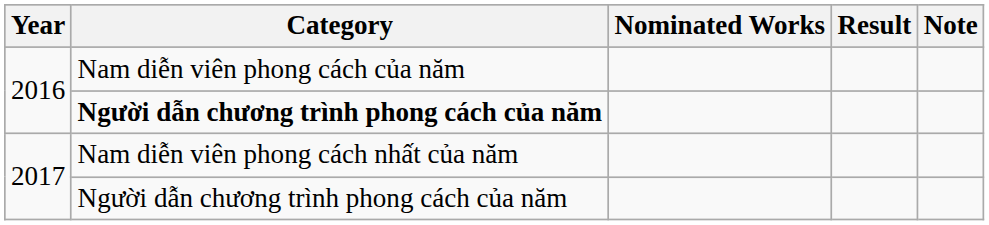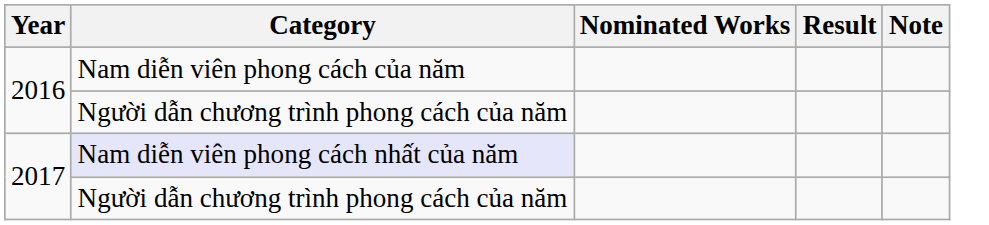 <table class="wikitable">
 <tr>
 <th>Year</th>
 <th>Category</th>
 <th>Nominated Works</th>
 <th>Result</th>
 <th>Note</th>
 </tr>
 <tr>
 <td rowspan="2">2016</td>
 <td>Nam diễn viên phong cách của năm</td>
 <td></td>
 <td></td>
 <td></td>
 </tr>
 <tr>
-<td><strong>Người dẫn chương trình phong cách của năm</strong></td>
+<td>Người dẫn chương trình phong cách của năm</td>
 <td></td>
 <td></td>
 <td></td>
 </tr>
 <tr>
 <td rowspan="2">2017</td>
-<td>Nam diễn viên phong cách nhất của năm</td>
+<td style="background: lavender;">Nam diễn viên phong cách nhất của năm</td>
 <td></td>
 <td></td>
 <td></td>
 </tr>
 <tr>
 <td>Người dẫn chương trình phong cách của năm</td>
 <td></td>
 <td></td>
 <td></td>
 </tr>
 </table>
